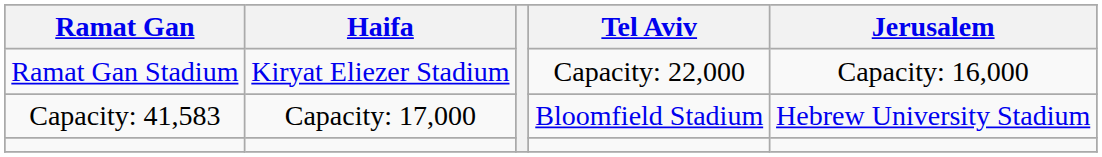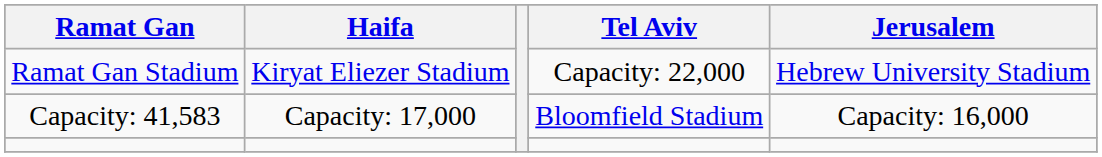 <table class="wikitable" style="text-align:center">
 <tr>
 <th><a href='#'>Ramat Gan</a></th>
 <th><a href='#'>Haifa</a></th>
 <th rowspan=4></th>
 <th><a href='#'>Tel Aviv</a></th>
 <th><a href='#'>Jerusalem</a></th>
 </tr>
 <tr>
 <td><a href='#'>Ramat Gan Stadium</a></td>
 <td><a href='#'>Kiryat Eliezer Stadium</a></td>
 <td>Capacity: 22,000</td>
-<td>Capacity: 16,000</td>
+<td><a href='#'>Hebrew University Stadium</a></td>
 </tr>
 <tr>
 <td>Capacity: 41,583</td>
 <td>Capacity: 17,000</td>
 <td><a href='#'>Bloomfield Stadium</a></td>
-<td><a href='#'>Hebrew University Stadium</a></td>
+<td>Capacity: 16,000</td>
 </tr>
 <tr>
 <td></td>
 <td></td>
 <td></td>
 <td></td>
 </tr>
 </table>
